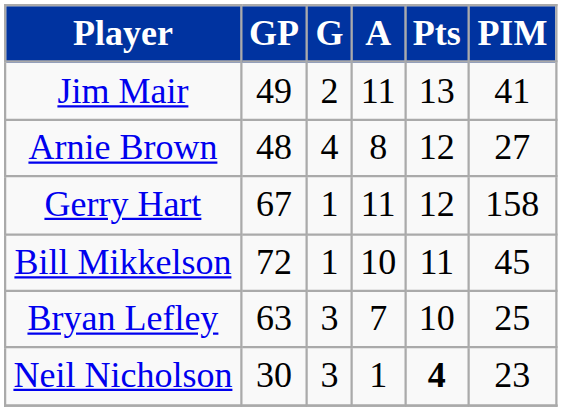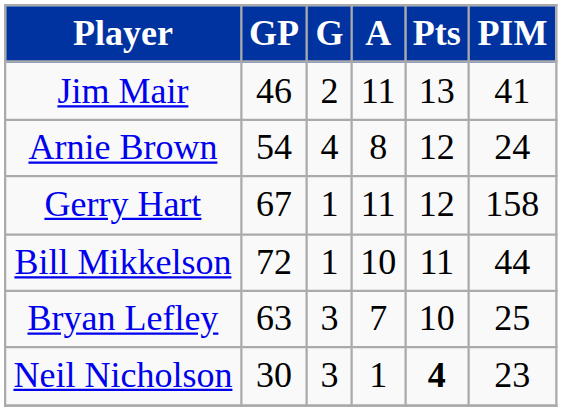 <table class="wikitable sortable">
 <tr>
 <th style="color:white; background:#0033a0; ">Player</th>
 <th style="color:white; background:#0033a0; ">GP</th>
 <th style="color:white; background:#0033a0; ">G</th>
 <th style="color:white; background:#0033a0; ">A</th>
 <th style="color:white; background:#0033a0; ">Pts</th>
 <th style="color:white; background:#0033a0; ">PIM</th>
 </tr>
 <tr align="center">
 <td><a href='#'>Jim Mair</a></td>
-<td>49</td>
+<td>46</td>
 <td>2</td>
 <td>11</td>
 <td>13</td>
 <td>41</td>
 </tr>
 <tr align="center">
 <td><a href='#'>Arnie Brown</a></td>
-<td>48</td>
+<td>54</td>
 <td>4</td>
 <td>8</td>
 <td>12</td>
-<td>27</td>
+<td>24</td>
 </tr>
 <tr align="center">
 <td><a href='#'>Gerry Hart</a></td>
 <td>67</td>
 <td>1</td>
 <td>11</td>
 <td>12</td>
 <td>158</td>
 </tr>
 <tr align="center">
 <td><a href='#'>Bill Mikkelson</a></td>
 <td>72</td>
 <td>1</td>
 <td>10</td>
 <td>11</td>
-<td>45</td>
+<td>44</td>
 </tr>
 <tr align="center">
 <td><a href='#'>Bryan Lefley</a></td>
 <td>63</td>
 <td>3</td>
 <td>7</td>
 <td>10</td>
 <td>25</td>
 </tr>
 <tr align="center">
 <td><a href='#'>Neil Nicholson</a></td>
 <td>30</td>
 <td>3</td>
 <td>1</td>
 <td><strong>4</strong></td>
 <td>23</td>
 </tr>
 <tr align="center">
 </tr>
 </table>
